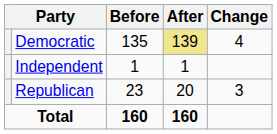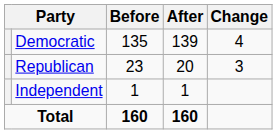 <table class="wikitable" style="text-align:center;">
 <tr>
 <th colspan="2">Party</th>
 <th>Before</th>
 <th>After</th>
 <th>Change</th>
 </tr>
 <tr>
 <th style="background-color:"></th>
 <td style="text-align:left;"><a href='#'>Democratic</a></td>
 <td>135</td>
-<td style="background: khaki;">139</td>
+<td>139</td>
 <td> 4</td>
+</tr>
+<tr>
+<th style="background-color:"></th>
+<td style="text-align:left;"><a href='#'>Republican</a></td>
+<td>23</td>
+<td>20</td>
+<td> 3</td>
 </tr>
 <tr>
 <th style="background-color:"></th>
 <td style="text-align:left;"><a href='#'>Independent</a></td>
 <td>1</td>
 <td>1</td>
 <td></td>
 </tr>
 <tr>
-<th style="background-color:"></th>
-<td style="text-align:left;"><a href='#'>Republican</a></td>
-<td>23</td>
-<td>20</td>
-<td> 3</td>
-</tr>
-<tr>
 <td colspan="2"><strong>Total</strong></td>
 <td><strong>160</strong></td>
 <td><strong>160</strong></td>
 <td></td>
 </tr>
 </table>
